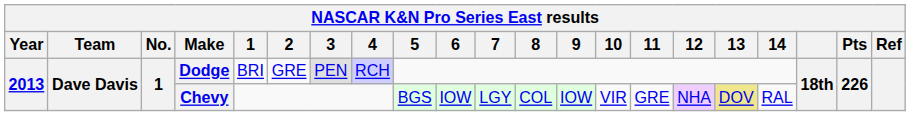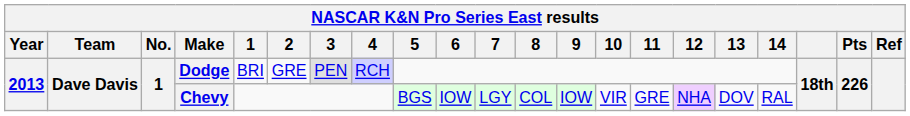 <table class="wikitable" style="text-align:center; font-size:75%">
 <tr>
 <th colspan=23><a href='#'>NASCAR K&N Pro Series East</a> results</th>
 </tr>
 <tr>
 <th>Year</th>
 <th>Team</th>
 <th>No.</th>
 <th>Make</th>
 <th>1</th>
 <th>2</th>
 <th>3</th>
 <th>4</th>
 <th>5</th>
 <th>6</th>
 <th>7</th>
 <th>8</th>
 <th>9</th>
 <th>10</th>
 <th>11</th>
 <th>12</th>
 <th>13</th>
 <th>14</th>
 <th></th>
 <th>Pts</th>
 <th>Ref</th>
 </tr>
 <tr>
 <th rowspan=2><a href='#'>2013</a></th>
 <th rowspan=2>Dave Davis</th>
 <th rowspan=2>1</th>
 <th><a href='#'>Dodge</a></th>
 <td><a href='#'>BRI</a></td>
 <td><a href='#'>GRE</a></td>
 <td style="background:#DFDFDF;"><a href='#'>PEN</a><br></td>
 <td style="background:#CFCFFF;"><a href='#'>RCH</a><br></td>
 <td colspan=10></td>
 <th rowspan=2>18th</th>
 <th rowspan=2>226</th>
 <th rowspan=2></th>
 </tr>
 <tr>
 <th><a href='#'>Chevy</a></th>
 <td colspan=4></td>
 <td style="background:#DFFFDF;"><a href='#'>BGS</a><br></td>
 <td style="background:#DFFFDF;"><a href='#'>IOW</a><br></td>
 <td style="background:#DFFFDF;"><a href='#'>LGY</a><br></td>
 <td style="background:#DFFFDF;"><a href='#'>COL</a><br></td>
 <td style="background:#DFFFDF;"><a href='#'>IOW</a><br></td>
 <td><a href='#'>VIR</a></td>
 <td><a href='#'>GRE</a></td>
 <td style="background:#EFCFFF;"><a href='#'>NHA</a><br></td>
-<td style="background: khaki;"><a href='#'>DOV</a></td>
+<td><a href='#'>DOV</a></td>
 <td><a href='#'>RAL</a></td>
 </tr>
 </table>
